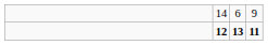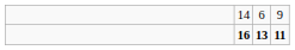 <table class="wikitable">
 <tr>
 <td style="width:18em"></td>
 <td align=center style="width:1em">14</td>
 <td align=center style="width:1em">6</td>
 <td align=center style="width:1em">9</td>
 </tr>
 <tr>
 <td style="width:18em"></td>
-<td align=center style="width:1em"><strong>12</strong></td>
+<td align=center style="width:1em"><strong>16</strong></td>
 <td align=center style="width:1em"><strong>13</strong></td>
 <td align=center style="width:1em"><strong>11</strong></td>
 </tr>
 </table>
